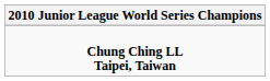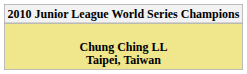 <table class="wikitable" style="text-align: center; margin: 0 auto;">
 <tr>
 <th>2010 Junior League World Series Champions</th>
 </tr>
 <tr>
 </tr>
 <tr>
-<td><br><strong>Chung Ching LL</strong><br><strong>Taipei, Taiwan</strong></td>
+<td style="background: khaki;"><br><strong>Chung Ching LL</strong><br><strong>Taipei, Taiwan</strong></td>
 </tr>
 </table>
